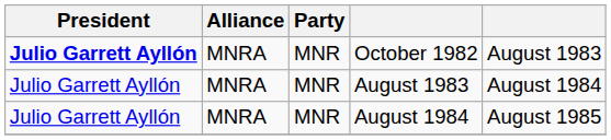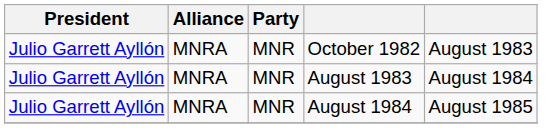 <table class="wikitable">
 <tr>
 <th>President</th>
 <th>Alliance</th>
 <th>Party</th>
 <th></th>
 <th></th>
 </tr>
 <tr>
-<td><strong><a href='#'>Julio Garrett Ayllón</a></strong></td>
+<td><a href='#'>Julio Garrett Ayllón</a></td>
 <td>MNRA</td>
 <td>MNR</td>
 <td>October 1982</td>
 <td>August 1983</td>
 </tr>
 <tr>
 <td><a href='#'>Julio Garrett Ayllón</a></td>
 <td>MNRA</td>
 <td>MNR</td>
 <td>August 1983</td>
 <td>August 1984</td>
 </tr>
 <tr>
 <td><a href='#'>Julio Garrett Ayllón</a></td>
 <td>MNRA</td>
 <td>MNR</td>
 <td>August 1984</td>
 <td>August 1985</td>
 </tr>
 <tr>
 </tr>
 </table>
